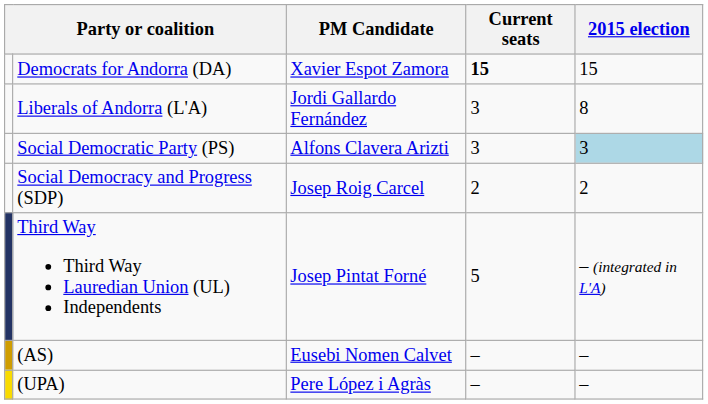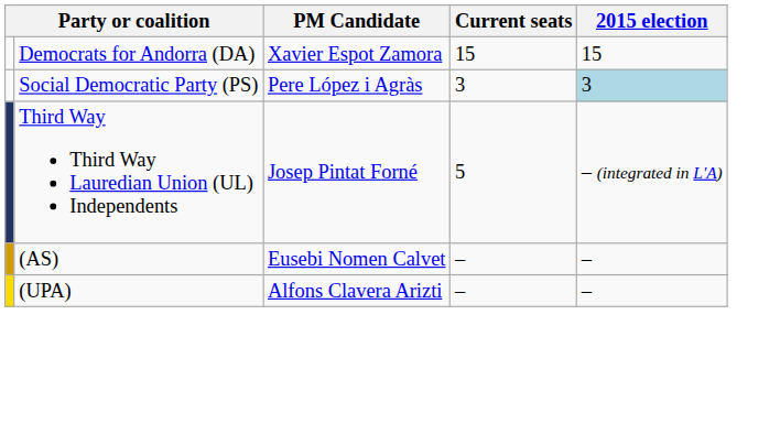 <table class="wikitable">
 <tr>
 <th colspan="2">Party or coalition</th>
 <th>PM Candidate</th>
 <th>Current seats</th>
 <th><a href='#'>2015 election</a></th>
 </tr>
 <tr>
 <td></td>
 <td><a href='#'>Democrats for Andorra</a> (DA)</td>
 <td><a href='#'>Xavier Espot Zamora</a></td>
-<td><strong>15</strong></td>
+<td>15</td>
 <td>15</td>
 </tr>
 <tr>
 <td></td>
-<td><a href='#'>Liberals of Andorra</a> (L'A)</td>
-<td><a href='#'>Jordi Gallardo Fernández</a></td>
-<td>3</td>
-<td>8</td>
-</tr>
-<tr>
-<td></td>
 <td><a href='#'>Social Democratic Party</a> (PS)</td>
-<td><a href='#'>Alfons Clavera Arizti</a></td>
+<td><a href='#'>Pere López i Agràs</a></td>
 <td>3</td>
 <td style="background: lightblue;">3</td>
-</tr>
-<tr>
-<td></td>
-<td><a href='#'>Social Democracy and Progress</a> (SDP)</td>
-<td><a href='#'>Josep Roig Carcel</a></td>
-<td>2</td>
-<td>2</td>
 </tr>
 <tr>
 <td bgcolor='#233364'></td>
 <td><a href='#'>Third Way</a><br><ul><li>Third Way</li><li><a href='#'>Lauredian Union</a> (UL)</li><li>Independents</li></ul></td>
 <td><a href='#'>Josep Pintat Forné</a></td>
 <td>5</td>
 <td>– <small><em>(integrated in <a href='#'>L'A</a>)</em></small></td>
 </tr>
 <tr>
 <td bgcolor='#CF9D00'></td>
 <td> (AS)</td>
 <td><a href='#'>Eusebi Nomen Calvet</a></td>
 <td>–</td>
 <td>–</td>
 </tr>
 <tr>
 <td bgcolor='#F9DB00'></td>
 <td> (UPA)</td>
-<td><a href='#'>Pere López i Agràs</a></td>
+<td><a href='#'>Alfons Clavera Arizti</a></td>
 <td>–</td>
 <td>–</td>
 </tr>
 </table>
